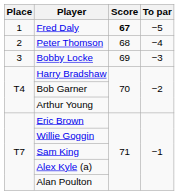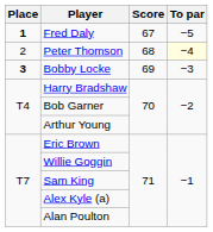 <table class="wikitable">
 <tr>
 <th>Place</th>
 <th>Player</th>
 <th>Score</th>
 <th>To par</th>
 </tr>
 <tr>
-<td align="center">1</td>
+<td align="center"><strong>1</strong></td>
 <td> <a href='#'>Fred Daly</a></td>
-<td align="center"><strong>67</strong></td>
+<td align="center">67</td>
 <td align="center">−5</td>
 </tr>
 <tr>
 <td align="center">2</td>
 <td> <a href='#'>Peter Thomson</a></td>
 <td align="center">68</td>
-<td align="center">−4</td>
+<td align="center" style="background: lightyellow;">−4</td>
 </tr>
 <tr>
-<td align="center">3</td>
+<td align="center"><strong>3</strong></td>
 <td> <a href='#'>Bobby Locke</a></td>
 <td align="center">69</td>
 <td align="center">−3</td>
 </tr>
 <tr>
 <td rowspan=3 align="center">T4</td>
 <td> <a href='#'>Harry Bradshaw</a></td>
 <td rowspan=3 align="center">70</td>
 <td rowspan=3 align="center">−2</td>
 </tr>
 <tr>
 <td> Bob Garner</td>
 </tr>
 <tr>
 <td> Arthur Young  </td>
 </tr>
 <tr>
 <td rowspan=5 align="center">T7</td>
 <td> <a href='#'>Eric Brown</a></td>
 <td rowspan=5 align="center">71</td>
 <td rowspan=5 align="center">−1</td>
 </tr>
 <tr>
 <td> <a href='#'>Willie Goggin</a></td>
 </tr>
 <tr>
 <td> <a href='#'>Sam King</a></td>
 </tr>
 <tr>
 <td> <a href='#'>Alex Kyle</a> (a)</td>
 </tr>
 <tr>
 <td> Alan Poulton</td>
 </tr>
 </table>
